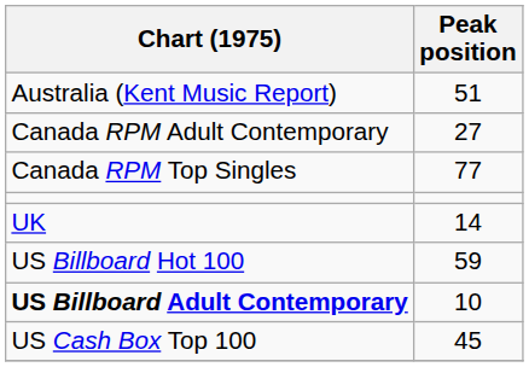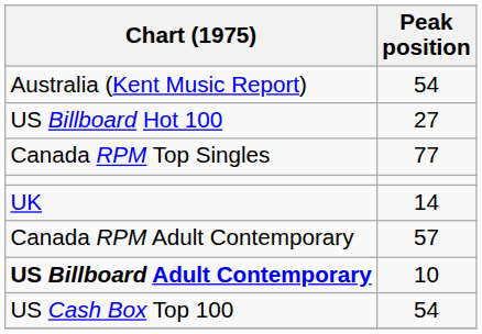 <table class="wikitable sortable">
 <tr>
 <th>Chart (1975)</th>
 <th>Peak<br>position</th>
 </tr>
 <tr>
 <td>Australia (<a href='#'>Kent Music Report</a>)</td>
-<td style="text-align:center;">51</td>
+<td style="text-align:center;">54</td>
 </tr>
 <tr>
-<td>Canada <em>RPM</em> Adult Contemporary</td>
+<td>US <em><a href='#'>Billboard</a></em> <a href='#'>Hot 100</a></td>
 <td style="text-align:center;">27</td>
 </tr>
 <tr>
 <td>Canada <em><a href='#'>RPM</a></em> Top Singles</td>
 <td style="text-align:center;">77</td>
 </tr>
 <tr>
 <td></td>
 </tr>
 <tr>
 <td><a href='#'>UK</a></td>
 <td style="text-align:center;">14</td>
 </tr>
 <tr>
-<td>US <em><a href='#'>Billboard</a></em> <a href='#'>Hot 100</a></td>
-<td style="text-align:center;">59</td>
+<td>Canada <em>RPM</em> Adult Contemporary</td>
+<td style="text-align:center;">57</td>
 </tr>
 <tr>
 <td><strong>US <em>Billboard</em> <a href='#'>Adult Contemporary</a></strong></td>
 <td style="text-align:center;">10</td>
 </tr>
 <tr>
 <td>US <a href='#'><em>Cash Box</em></a> Top 100</td>
-<td align="center">45</td>
+<td align="center">54</td>
 </tr>
 <tr>
 </tr>
 </table>
